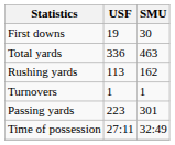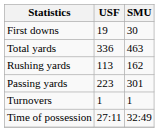 <table class="wikitable">
 <tr>
 <th>Statistics</th>
 <th>USF</th>
 <th>SMU</th>
 </tr>
 <tr>
 <td>First downs</td>
 <td>19</td>
 <td>30</td>
 </tr>
 <tr>
 <td>Total yards</td>
 <td>336</td>
 <td>463</td>
 </tr>
 <tr>
 <td>Rushing yards</td>
 <td>113</td>
 <td>162</td>
 </tr>
 <tr>
+<td>Passing yards</td>
+<td>223</td>
+<td>301</td>
+</tr>
+<tr>
 <td>Turnovers</td>
 <td>1</td>
 <td>1</td>
-</tr>
-<tr>
-<td>Passing yards</td>
-<td>223</td>
-<td>301</td>
 </tr>
 <tr>
 <td>Time of possession</td>
 <td>27:11</td>
 <td>32:49</td>
 </tr>
 <tr>
 </tr>
 </table>
